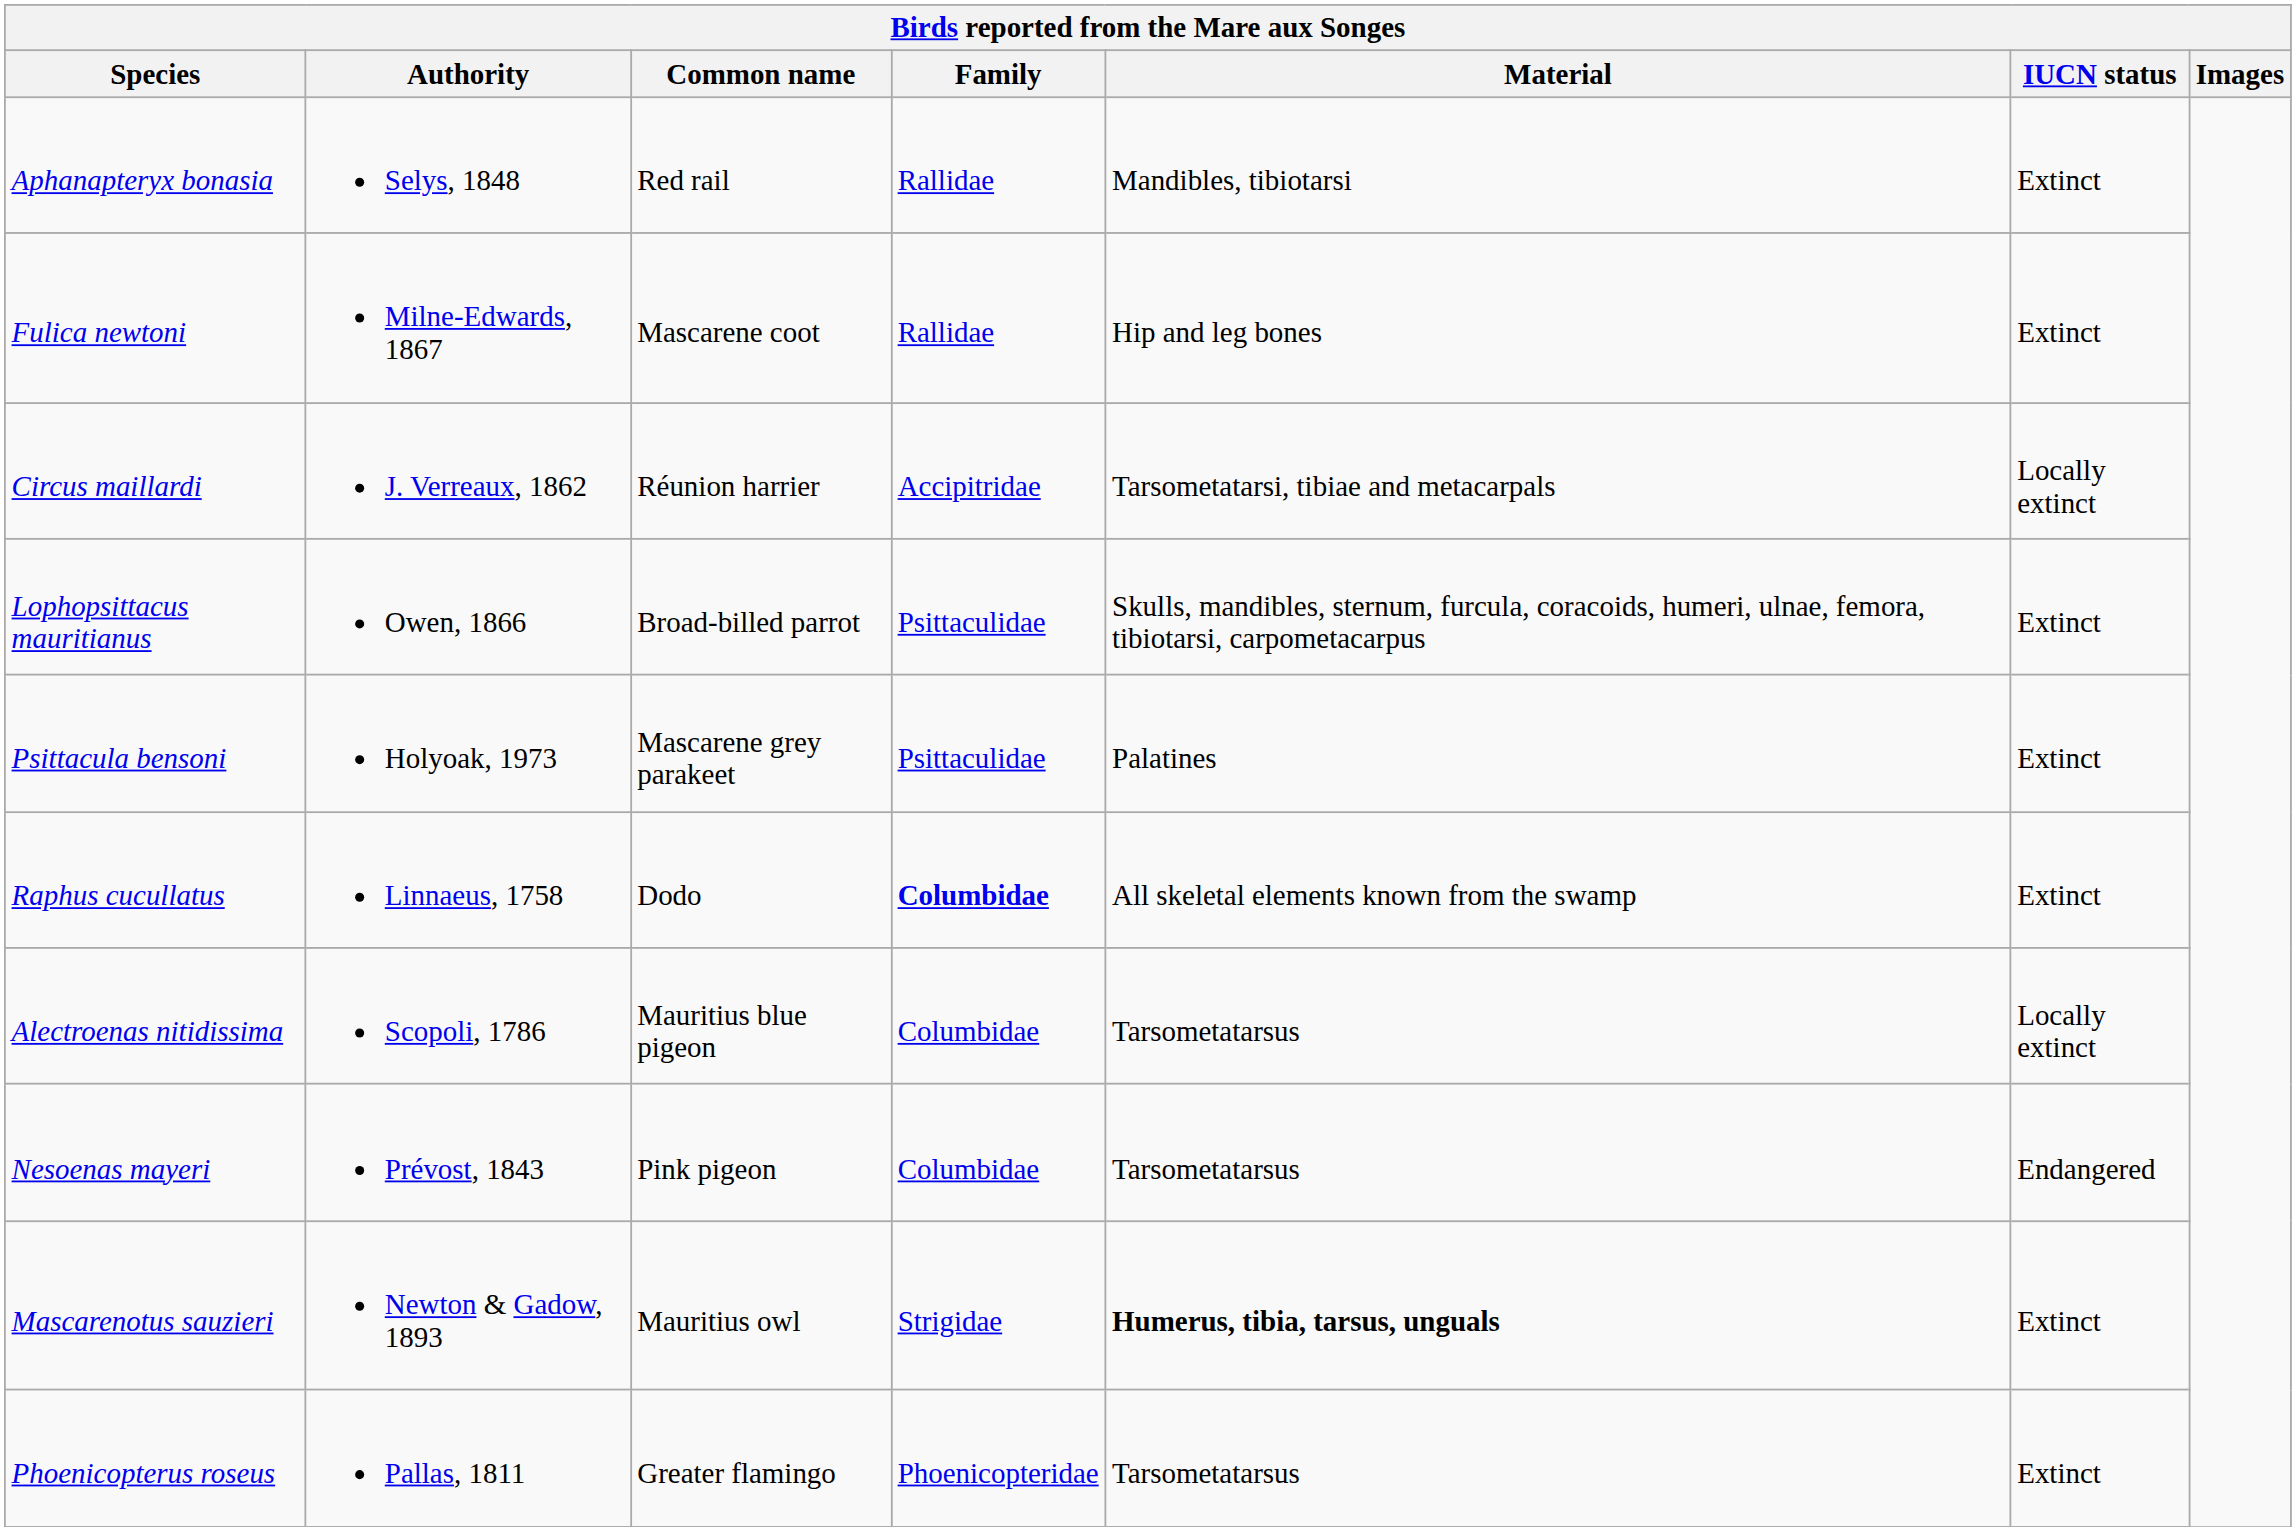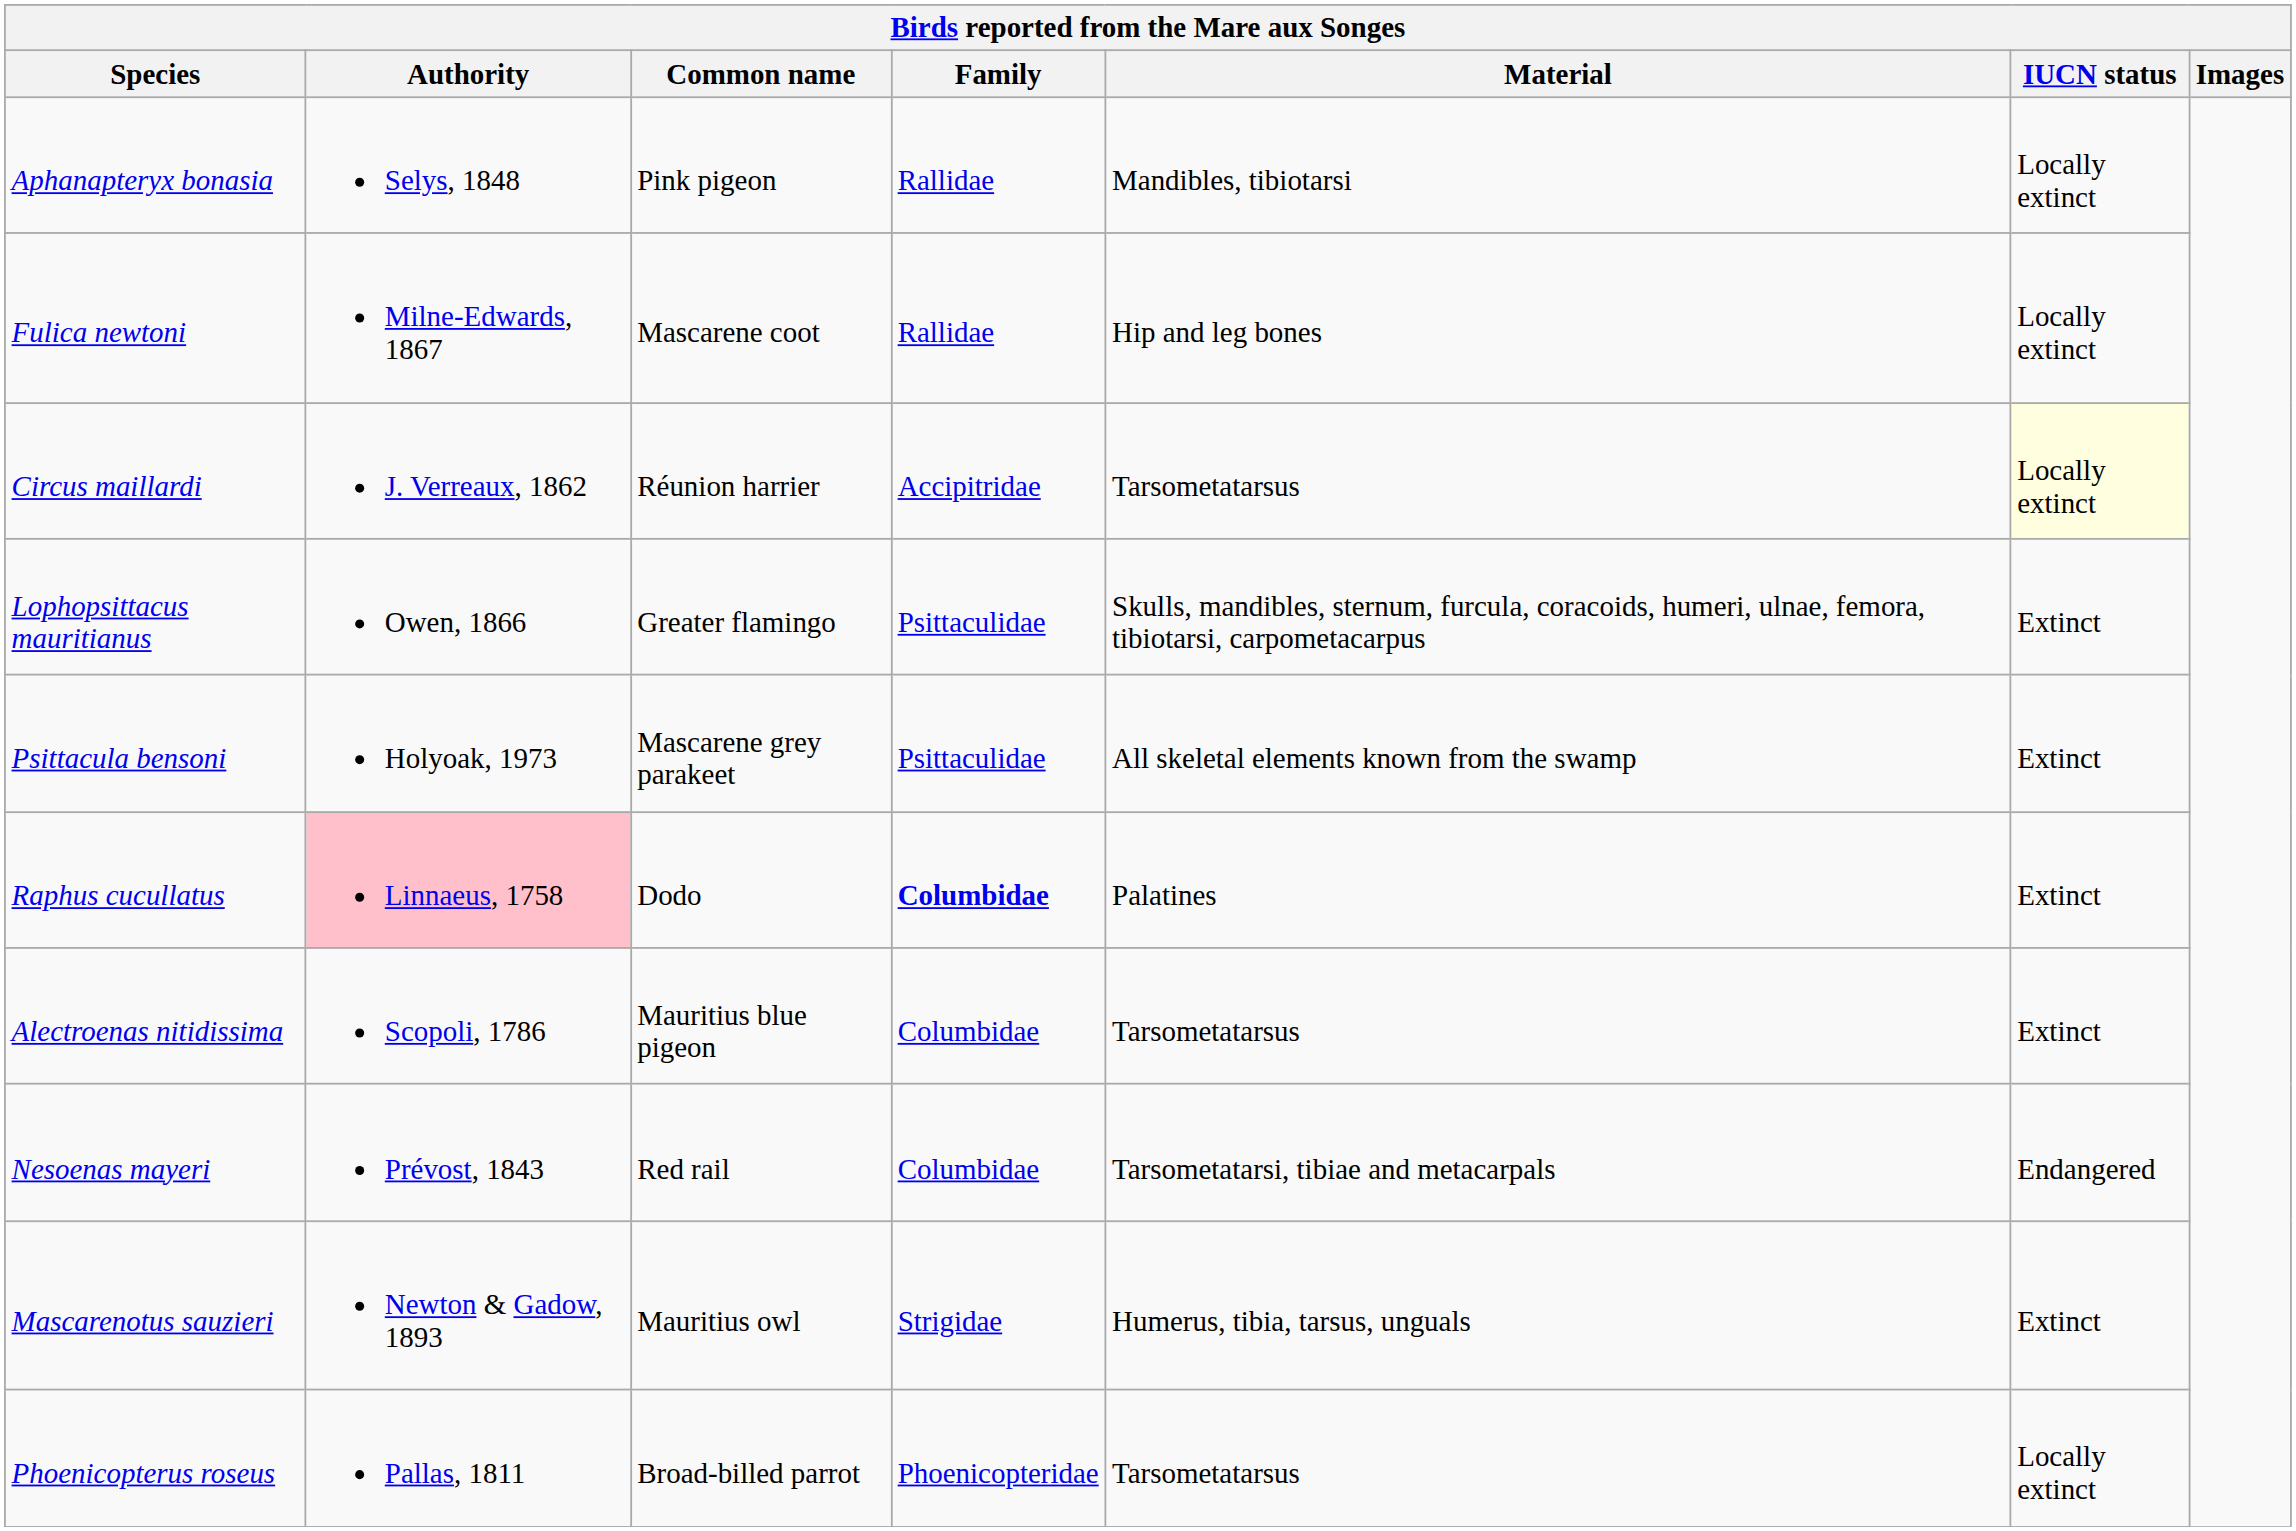 <table class="wikitable" align="center" width="100%">
 <tr>
 <th colspan="7" align="center"><strong><a href='#'>Birds</a> reported from the Mare aux Songes</strong></th>
 </tr>
 <tr>
 <th>Species</th>
 <th>Authority</th>
 <th>Common name</th>
 <th>Family</th>
 <th>Material</th>
 <th><a href='#'>IUCN</a> status</th>
 <th>Images</th>
 </tr>
 <tr>
 <td><br><em><a href='#'>Aphanapteryx bonasia</a></em></td>
 <td><br><ul><li><a href='#'>Selys</a>, 1848</li></ul></td>
-<td><br>Red rail</td>
+<td><br>Pink pigeon</td>
 <td><br><a href='#'>Rallidae</a></td>
 <td><br>Mandibles, tibiotarsi</td>
-<td><br>Extinct</td>
+<td><br>Locally extinct</td>
 <td rowspan="99"><br>  </td>
 </tr>
 <tr>
 <td><br><em><a href='#'>Fulica newtoni</a></em></td>
 <td><br><ul><li><a href='#'>Milne-Edwards</a>, 1867</li></ul></td>
 <td><br>Mascarene coot</td>
 <td><br><a href='#'>Rallidae</a></td>
 <td><br>Hip and leg bones</td>
-<td><br>Extinct</td>
+<td><br>Locally extinct</td>
 </tr>
 <tr>
 <td><br><em><a href='#'>Circus maillardi</a></em></td>
 <td><br><ul><li><a href='#'>J. Verreaux</a>, 1862</li></ul></td>
 <td><br>Réunion harrier</td>
 <td><br><a href='#'>Accipitridae</a></td>
-<td><br>Tarsometatarsi, tibiae and metacarpals</td>
-<td><br>Locally extinct</td>
+<td><br>Tarsometatarsus</td>
+<td style="background: lightyellow;"><br>Locally extinct</td>
 </tr>
 <tr>
 <td><br><em><a href='#'>Lophopsittacus mauritianus</a></em></td>
 <td><br><ul><li>Owen, 1866</li></ul></td>
-<td><br>Broad-billed parrot</td>
+<td><br>Greater flamingo</td>
 <td><br><a href='#'>Psittaculidae</a></td>
 <td><br>Skulls, mandibles, sternum, furcula, coracoids, humeri, ulnae, femora, tibiotarsi, carpometacarpus</td>
 <td><br>Extinct</td>
 </tr>
 <tr>
 <td><br><em><a href='#'>Psittacula bensoni</a></em></td>
 <td><br><ul><li>Holyoak, 1973</li></ul></td>
 <td><br>Mascarene grey parakeet</td>
 <td><br><a href='#'>Psittaculidae</a></td>
-<td><br>Palatines</td>
+<td><br>All skeletal elements known from the swamp</td>
 <td><br>Extinct</td>
 </tr>
 <tr>
 <td><br><em><a href='#'>Raphus cucullatus</a></em></td>
-<td><br><ul><li><a href='#'>Linnaeus</a>, 1758</li></ul></td>
+<td style="background: pink;"><br><ul><li><a href='#'>Linnaeus</a>, 1758</li></ul></td>
 <td><br>Dodo</td>
 <td><strong><br><a href='#'>Columbidae</a></strong></td>
-<td><br>All skeletal elements known from the swamp</td>
+<td><br>Palatines</td>
 <td><br>Extinct</td>
 </tr>
 <tr>
 <td><br><em><a href='#'>Alectroenas nitidissima</a></em></td>
 <td><br><ul><li><a href='#'>Scopoli</a>, 1786</li></ul></td>
 <td><br>Mauritius blue pigeon</td>
 <td><br><a href='#'>Columbidae</a></td>
 <td><br>Tarsometatarsus</td>
-<td><br>Locally extinct</td>
+<td><br>Extinct</td>
 </tr>
 <tr>
 <td><br><em><a href='#'>Nesoenas mayeri</a></em></td>
 <td><br><ul><li><a href='#'>Prévost</a>, 1843</li></ul></td>
-<td><br>Pink pigeon</td>
+<td><br>Red rail</td>
 <td><br><a href='#'>Columbidae</a></td>
-<td><br>Tarsometatarsus</td>
+<td><br>Tarsometatarsi, tibiae and metacarpals</td>
 <td><br>Endangered</td>
 </tr>
 <tr>
 <td><br><em><a href='#'>Mascarenotus sauzieri</a></em></td>
 <td><br><ul><li><a href='#'>Newton</a> & <a href='#'>Gadow</a>, 1893</li></ul></td>
 <td><br>Mauritius owl</td>
 <td><br><a href='#'>Strigidae</a></td>
-<td><strong><br>Humerus, tibia, tarsus, unguals</strong></td>
+<td><br>Humerus, tibia, tarsus, unguals</td>
 <td><br>Extinct</td>
 </tr>
 <tr>
 <td><br><em><a href='#'>Phoenicopterus roseus</a></em></td>
 <td><br><ul><li><a href='#'>Pallas</a>, 1811</li></ul></td>
-<td><br>Greater flamingo</td>
+<td><br>Broad-billed parrot</td>
 <td><br><a href='#'>Phoenicopteridae</a></td>
 <td><br>Tarsometatarsus</td>
-<td><br>Extinct</td>
+<td><br>Locally extinct</td>
 </tr>
 <tr>
 </tr>
 </table>
